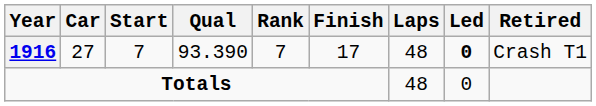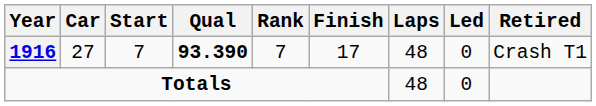 <table class="wikitable" style="text-align:center">
 <tr>
 <th>Year</th>
 <th>Car</th>
 <th>Start</th>
 <th>Qual</th>
 <th>Rank</th>
 <th>Finish</th>
 <th>Laps</th>
 <th>Led</th>
 <th>Retired</th>
 </tr>
 <tr>
 <th><a href='#'>1916</a></th>
 <td>27</td>
 <td>7</td>
-<td>93.390</td>
+<td><strong>93.390</strong></td>
 <td>7</td>
 <td>17</td>
 <td>48</td>
-<td><strong>0</strong></td>
+<td>0</td>
 <td>Crash T1</td>
 </tr>
 <tr>
 <td colspan=6><strong>Totals</strong></td>
 <td>48</td>
 <td>0</td>
 <td></td>
 </tr>
 </table>
